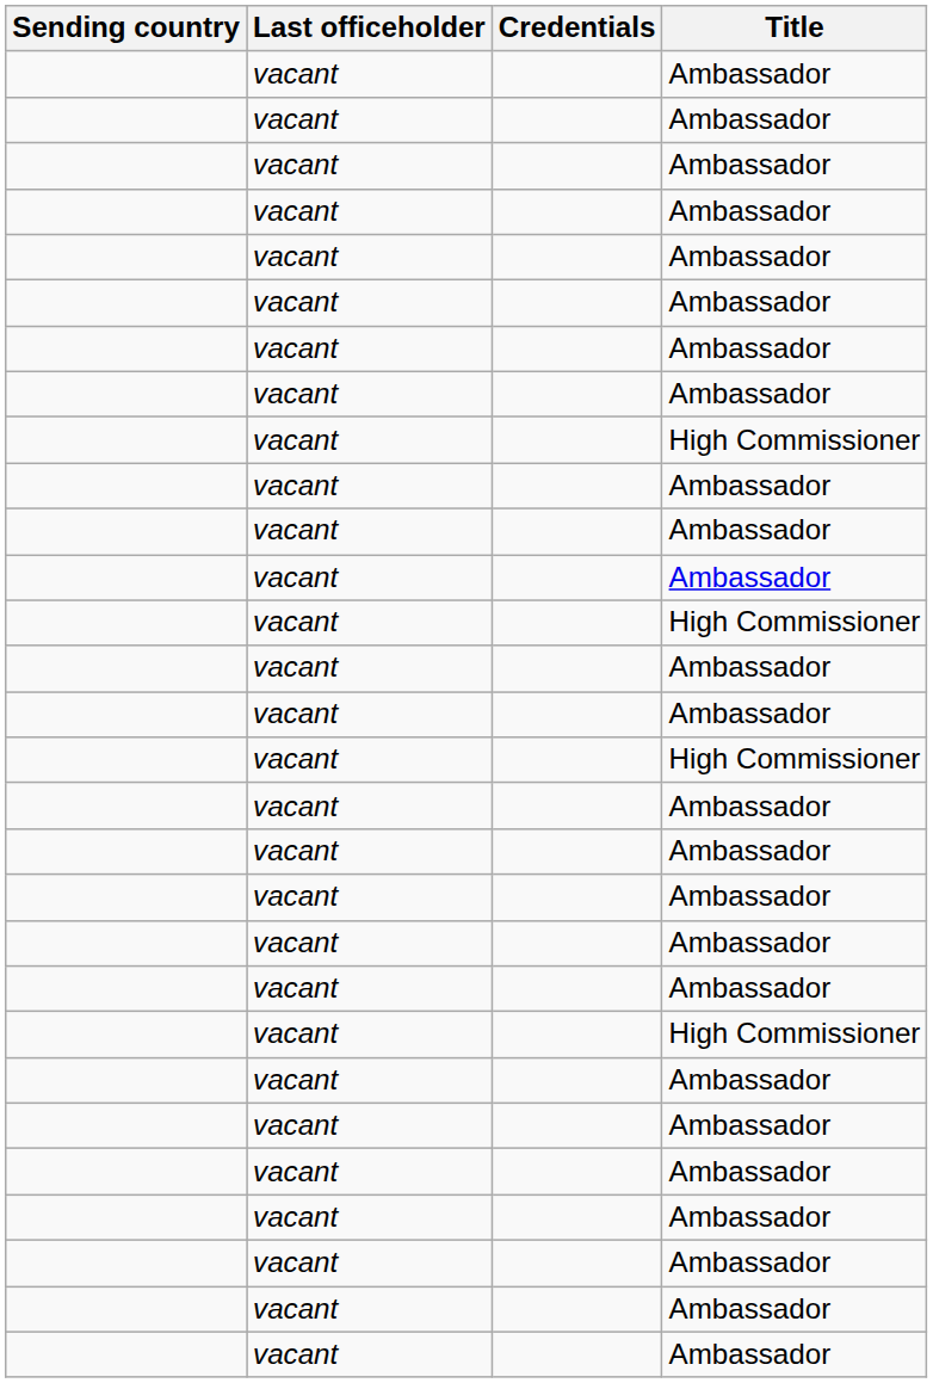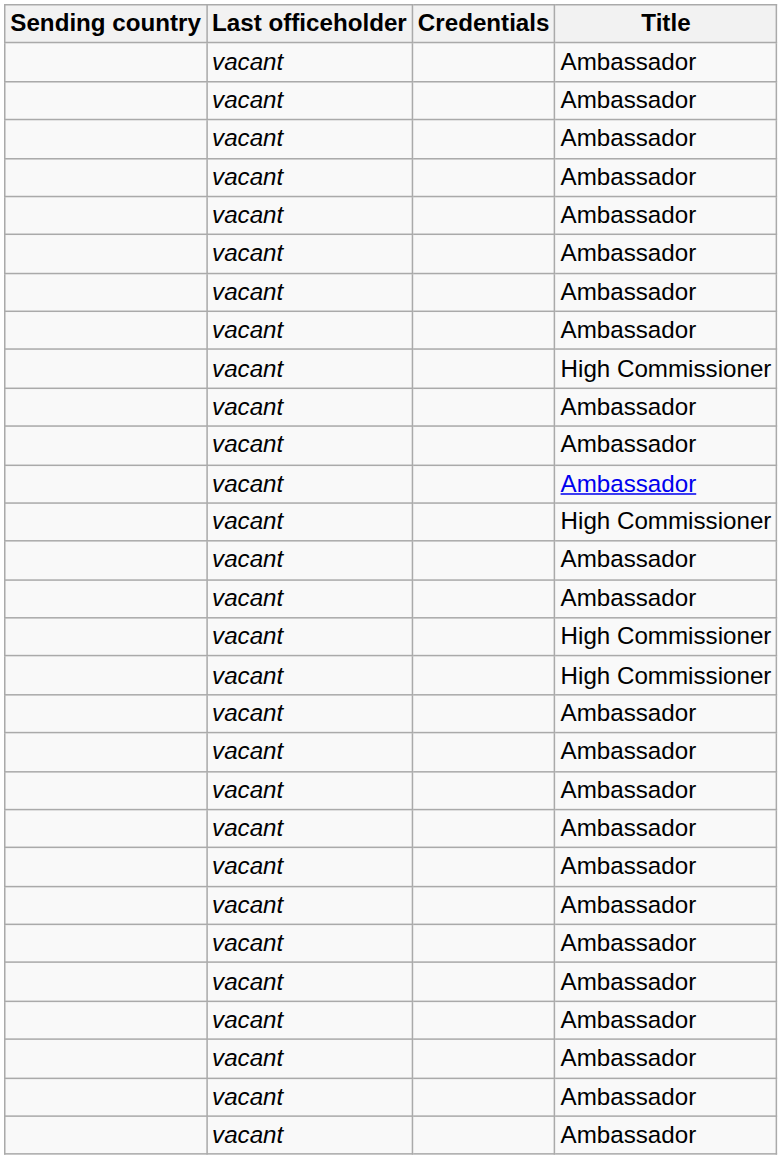 <table class="wikitable sortable">
 <tr>
 <th>Sending country</th>
 <th>Last officeholder</th>
 <th>Credentials</th>
 <th>Title</th>
 </tr>
 <tr>
 <td></td>
 <td><em>vacant</em></td>
 <td></td>
 <td>Ambassador</td>
 </tr>
 <tr>
 <td></td>
 <td><em>vacant</em></td>
 <td></td>
 <td>Ambassador</td>
 </tr>
 <tr>
 <td></td>
 <td><em>vacant</em></td>
 <td></td>
 <td>Ambassador</td>
 </tr>
 <tr>
 <td></td>
 <td><em>vacant</em></td>
 <td></td>
 <td>Ambassador</td>
 </tr>
 <tr>
 <td></td>
 <td><em>vacant</em></td>
 <td></td>
 <td>Ambassador</td>
 </tr>
 <tr>
 <td></td>
 <td><em>vacant</em></td>
 <td></td>
 <td>Ambassador</td>
 </tr>
 <tr>
 <td></td>
 <td><em>vacant</em></td>
 <td></td>
 <td>Ambassador</td>
 </tr>
 <tr>
 <td></td>
 <td><em>vacant</em></td>
 <td></td>
 <td>Ambassador</td>
 </tr>
 <tr>
 <td></td>
 <td><em>vacant</em></td>
 <td></td>
 <td>High Commissioner</td>
 </tr>
 <tr>
 <td></td>
 <td><em>vacant</em></td>
 <td></td>
 <td>Ambassador</td>
 </tr>
 <tr>
 <td></td>
 <td><em>vacant</em></td>
 <td></td>
 <td>Ambassador</td>
 </tr>
 <tr>
 <td></td>
 <td><em>vacant</em></td>
 <td></td>
 <td><a href='#'>Ambassador</a></td>
 </tr>
 <tr>
 <td></td>
 <td><em>vacant</em></td>
 <td></td>
 <td>High Commissioner</td>
 </tr>
 <tr>
 <td></td>
 <td><em>vacant</em></td>
 <td></td>
 <td>Ambassador</td>
 </tr>
 <tr>
 <td></td>
 <td><em>vacant</em></td>
 <td></td>
 <td>Ambassador</td>
 </tr>
 <tr>
 <td></td>
 <td><em>vacant</em></td>
 <td></td>
 <td>High Commissioner</td>
 </tr>
 <tr>
 <td></td>
 <td><em>vacant</em></td>
 <td></td>
-<td>Ambassador</td>
-</tr>
-<tr>
-<td></td>
-<td><em>vacant</em></td>
-<td></td>
-<td>Ambassador</td>
-</tr>
-<tr>
-<td></td>
-<td><em>vacant</em></td>
-<td></td>
-<td>Ambassador</td>
-</tr>
-<tr>
-<td></td>
-<td><em>vacant</em></td>
-<td></td>
-<td>Ambassador</td>
-</tr>
-<tr>
-<td></td>
-<td><em>vacant</em></td>
-<td></td>
-<td>Ambassador</td>
-</tr>
-<tr>
-<td></td>
-<td><em>vacant</em></td>
-<td></td>
 <td>High Commissioner</td>
 </tr>
 <tr>
 <td></td>
 <td><em>vacant</em></td>
 <td></td>
 <td>Ambassador</td>
 </tr>
 <tr>
 <td></td>
 <td><em>vacant</em></td>
 <td></td>
 <td>Ambassador</td>
 </tr>
 <tr>
 <td></td>
 <td><em>vacant</em></td>
 <td></td>
 <td>Ambassador</td>
 </tr>
 <tr>
 <td></td>
 <td><em>vacant</em></td>
 <td></td>
 <td>Ambassador</td>
 </tr>
 <tr>
 <td></td>
 <td><em>vacant</em></td>
 <td></td>
 <td>Ambassador</td>
 </tr>
 <tr>
 <td></td>
 <td><em>vacant</em></td>
 <td></td>
 <td>Ambassador</td>
 </tr>
 <tr>
 <td></td>
 <td><em>vacant</em></td>
 <td></td>
 <td>Ambassador</td>
 </tr>
+<tr>
+<td></td>
+<td><em>vacant</em></td>
+<td></td>
+<td>Ambassador</td>
+</tr>
+<tr>
+<td></td>
+<td><em>vacant</em></td>
+<td></td>
+<td>Ambassador</td>
+</tr>
+<tr>
+<td></td>
+<td><em>vacant</em></td>
+<td></td>
+<td>Ambassador</td>
+</tr>
+<tr>
+<td></td>
+<td><em>vacant</em></td>
+<td></td>
+<td>Ambassador</td>
+</tr>
+<tr>
+<td></td>
+<td><em>vacant</em></td>
+<td></td>
+<td>Ambassador</td>
+</tr>
 </table>
